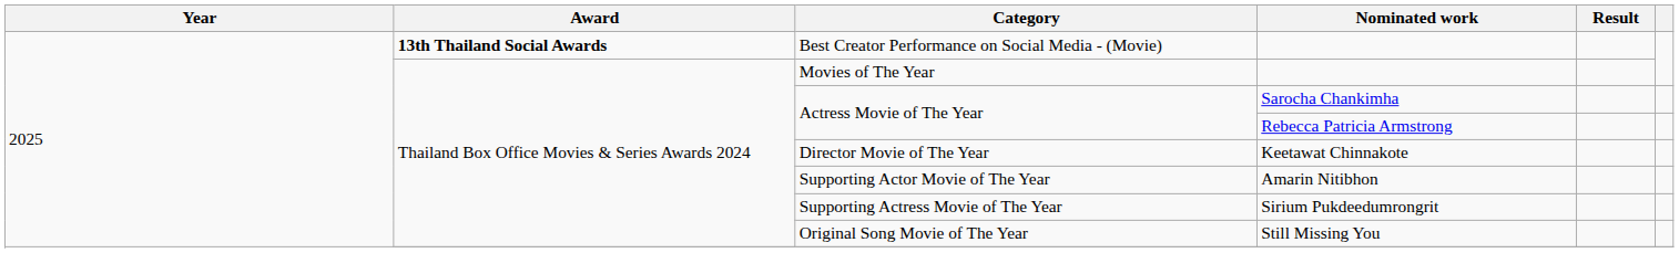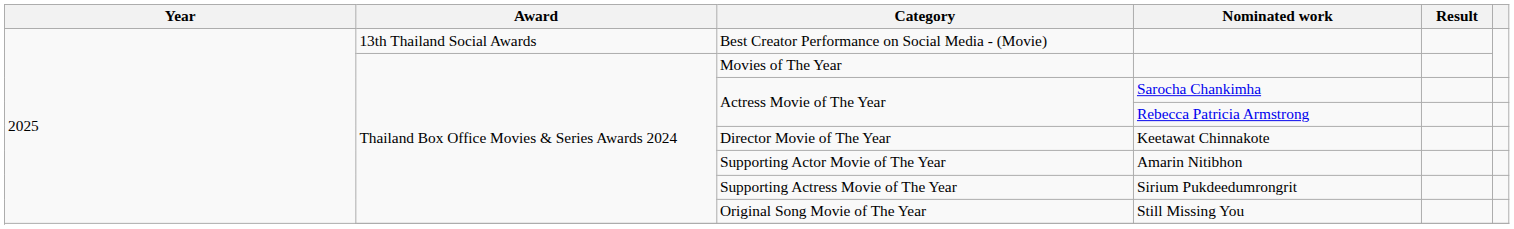 <table class="wikitable sortable">
 <tr>
 <th scope="col" style="width:35em;">Year</th>
 <th scope="col" style="width:35em;">Award</th>
 <th scope="col" style="width:40em;">Category</th>
 <th scope="col" style="width:25em;">Nominated work</th>
 <th scope="col" style="width:5em;">Result</th>
 <th scope="col" style="width:1em;" class="unsortable"></th>
 </tr>
 <tr>
 <td rowspan="35">2025</td>
-<td><strong>13th Thailand Social Awards</strong></td>
+<td>13th Thailand Social Awards</td>
 <td>Best Creator Performance on Social Media - (Movie)</td>
 <td></td>
 <td></td>
 </tr>
 <tr>
 <td rowspan="7">Thailand Box Office Movies & Series Awards 2024</td>
 <td>Movies of The Year</td>
 <td></td>
 <td></td>
 </tr>
 <tr>
 <td rowspan="2">Actress Movie of The Year</td>
 <td><a href='#'>Sarocha Chankimha</a></td>
 <td></td>
 <td></td>
 </tr>
 <tr>
 <td><a href='#'>Rebecca Patricia Armstrong</a></td>
 <td></td>
 <td></td>
 </tr>
 <tr>
 <td>Director Movie of The Year</td>
 <td>Keetawat Chinnakote</td>
 <td></td>
 </tr>
 <tr>
 <td>Supporting Actor Movie of The Year</td>
 <td>Amarin Nitibhon</td>
 <td></td>
 <td></td>
 </tr>
 <tr>
 <td>Supporting Actress Movie of The Year</td>
 <td>Sirium Pukdeedumrongrit</td>
 <td></td>
 </tr>
 <tr>
 <td>Original Song Movie of The Year</td>
 <td>Still Missing You</td>
 <td></td>
 <td></td>
 </tr>
 <tr>
 </tr>
 </table>
